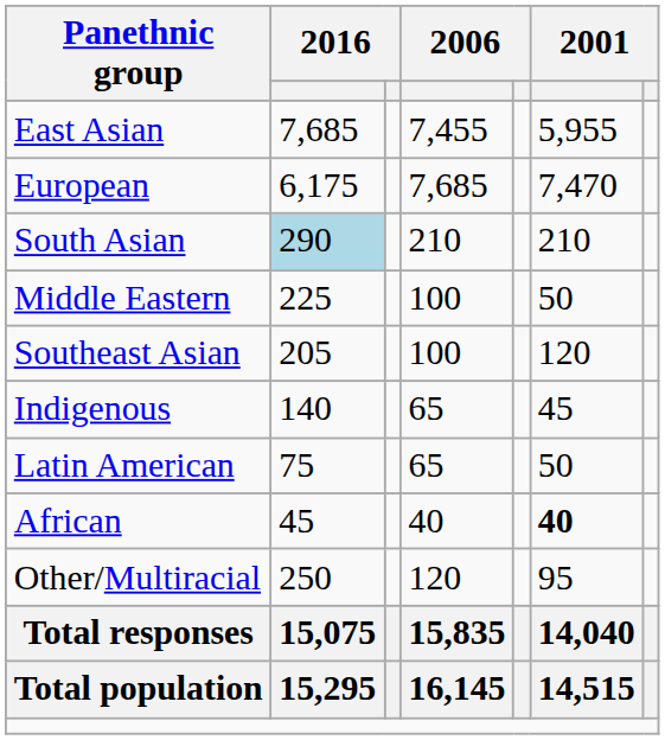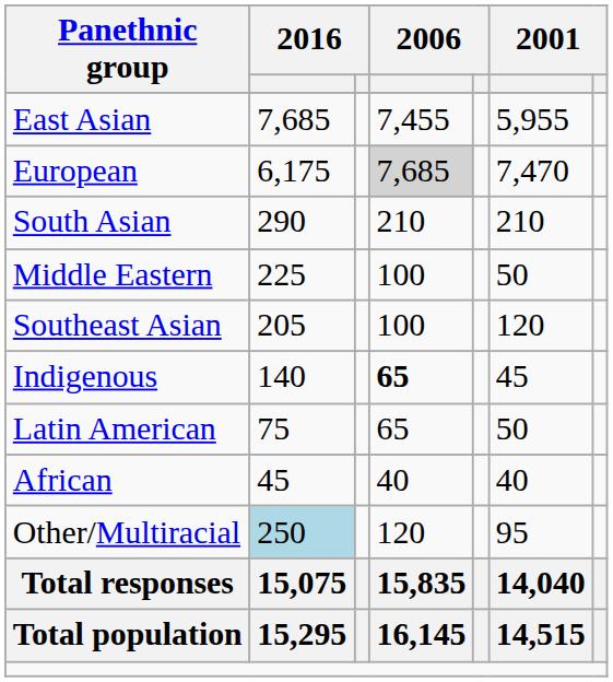 <table class="wikitable sortable">
 <tr>
 <th rowspan="2"><a href='#'>Panethnic</a><br>group</th>
 <th colspan="2">2016</th>
 <th colspan="2">2006</th>
 <th colspan="2">2001</th>
 </tr>
 <tr>
 <th><a href='#'></a></th>
 <th></th>
 <th></th>
 <th></th>
 <th></th>
 <th></th>
 </tr>
 <tr>
 <td><a href='#'>East Asian</a></td>
 <td>7,685</td>
 <td></td>
 <td>7,455</td>
 <td></td>
 <td>5,955</td>
 <td></td>
 </tr>
 <tr>
 <td><a href='#'>European</a></td>
 <td>6,175</td>
 <td></td>
-<td>7,685</td>
+<td style="background: lightgrey;">7,685</td>
 <td></td>
 <td>7,470</td>
 <td></td>
 </tr>
 <tr>
 <td><a href='#'>South Asian</a></td>
-<td style="background: lightblue;">290</td>
+<td>290</td>
 <td></td>
 <td>210</td>
 <td></td>
 <td>210</td>
 <td></td>
 </tr>
 <tr>
 <td><a href='#'>Middle Eastern</a></td>
 <td>225</td>
 <td></td>
 <td>100</td>
 <td></td>
 <td>50</td>
 <td></td>
 </tr>
 <tr>
 <td><a href='#'>Southeast Asian</a></td>
 <td>205</td>
 <td></td>
 <td>100</td>
 <td></td>
 <td>120</td>
 <td></td>
 </tr>
 <tr>
 <td><a href='#'>Indigenous</a></td>
 <td>140</td>
 <td></td>
-<td>65</td>
+<td><strong>65</strong></td>
 <td></td>
 <td>45</td>
 <td></td>
 </tr>
 <tr>
 <td><a href='#'>Latin American</a></td>
 <td>75</td>
 <td></td>
 <td>65</td>
 <td></td>
 <td>50</td>
 <td></td>
 </tr>
 <tr>
 <td><a href='#'>African</a></td>
 <td>45</td>
 <td></td>
 <td>40</td>
 <td></td>
-<td><strong>40</strong></td>
+<td>40</td>
 <td></td>
 </tr>
 <tr>
 <td>Other/<a href='#'>Multiracial</a></td>
-<td>250</td>
+<td style="background: lightblue;">250</td>
 <td></td>
 <td>120</td>
 <td></td>
 <td>95</td>
 <td></td>
 </tr>
 <tr>
 <th>Total responses</th>
 <th>15,075</th>
 <th></th>
 <th>15,835</th>
 <th></th>
 <th>14,040</th>
 <th></th>
 </tr>
 <tr>
 <th>Total population</th>
 <th>15,295</th>
 <th></th>
 <th>16,145</th>
 <th></th>
 <th>14,515</th>
 <th></th>
 </tr>
 <tr class="sortbottom">
 <td colspan="10"></td>
 </tr>
 </table>
